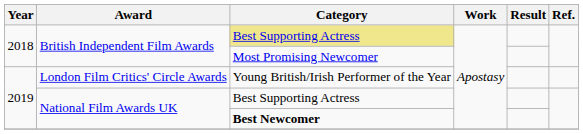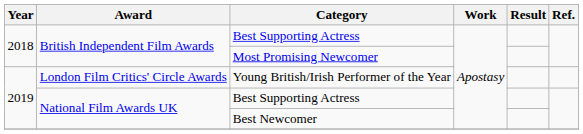 <table class="wikitable plainrowheaders">
 <tr>
 <th>Year</th>
 <th>Award</th>
 <th>Category</th>
 <th>Work</th>
 <th>Result</th>
 <th>Ref.</th>
 </tr>
 <tr>
 <td rowspan="2">2018</td>
 <td rowspan="2"><a href='#'>British Independent Film Awards</a></td>
-<td style="background: khaki;"><a href='#'>Best Supporting Actress</a></td>
+<td><a href='#'>Best Supporting Actress</a></td>
 <td rowspan="5"><em>Apostasy</em></td>
 <td></td>
 <td rowspan="2"></td>
 </tr>
 <tr>
 <td><a href='#'>Most Promising Newcomer</a></td>
 <td></td>
 </tr>
 <tr>
 <td rowspan="3">2019</td>
 <td><a href='#'>London Film Critics' Circle Awards</a></td>
 <td>Young British/Irish Performer of the Year</td>
 <td></td>
 <td></td>
 </tr>
 <tr>
 <td rowspan="2"><a href='#'>National Film Awards UK</a></td>
 <td>Best Supporting Actress</td>
 <td></td>
 <td rowspan="2"></td>
 </tr>
 <tr>
-<td><strong>Best Newcomer</strong></td>
+<td>Best Newcomer</td>
 <td></td>
 </tr>
 <tr>
 </tr>
 </table>
